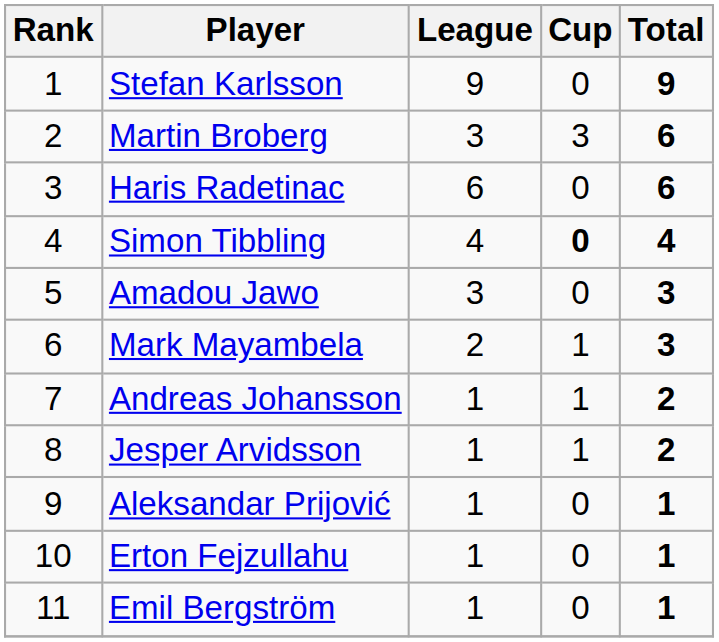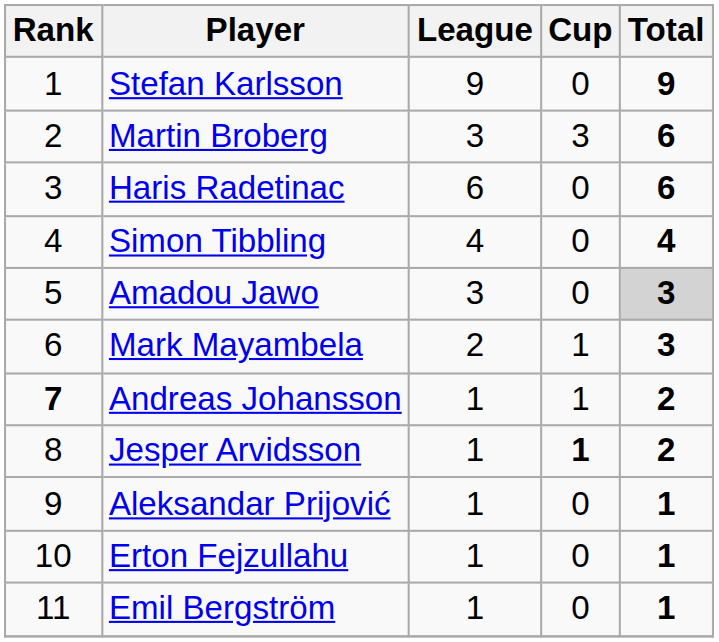 <table class="wikitable">
 <tr>
 <th>Rank</th>
 <th>Player</th>
 <th>League</th>
 <th>Cup</th>
 <th>Total</th>
 </tr>
 <tr>
 <td align=center>1</td>
 <td> <a href='#'>Stefan Karlsson</a></td>
 <td align=center>9</td>
 <td align=center>0</td>
 <td align=center><strong>9</strong></td>
 </tr>
 <tr>
 <td align=center>2</td>
 <td> <a href='#'>Martin Broberg</a></td>
 <td align=center>3</td>
 <td align=center>3</td>
 <td align=center><strong>6</strong></td>
 </tr>
 <tr>
 <td align=center>3</td>
 <td> <a href='#'>Haris Radetinac</a></td>
 <td align=center>6</td>
 <td align=center>0</td>
 <td align=center><strong>6</strong></td>
 </tr>
 <tr>
 <td align=center>4</td>
 <td> <a href='#'>Simon Tibbling</a></td>
 <td align=center>4</td>
-<td align=center><strong>0</strong></td>
+<td align=center>0</td>
 <td align=center><strong>4</strong></td>
 </tr>
 <tr>
 <td align=center>5</td>
 <td> <a href='#'>Amadou Jawo</a></td>
 <td align=center>3</td>
 <td align=center>0</td>
-<td align=center><strong>3</strong></td>
+<td align=center style="background: lightgrey;"><strong>3</strong></td>
 </tr>
 <tr>
 <td align=center>6</td>
 <td> <a href='#'>Mark Mayambela</a></td>
 <td align=center>2</td>
 <td align=center>1</td>
 <td align=center><strong>3</strong></td>
 </tr>
 <tr>
-<td align=center>7</td>
+<td align=center><strong>7</strong></td>
 <td> <a href='#'>Andreas Johansson</a></td>
 <td align=center>1</td>
 <td align=center>1</td>
 <td align=center><strong>2</strong></td>
 </tr>
 <tr>
 <td align=center>8</td>
 <td> <a href='#'>Jesper Arvidsson</a></td>
 <td align=center>1</td>
-<td align=center>1</td>
+<td align=center><strong>1</strong></td>
 <td align=center><strong>2</strong></td>
 </tr>
 <tr>
 <td align=center>9</td>
 <td> <a href='#'>Aleksandar Prijović</a></td>
 <td align=center>1</td>
 <td align=center>0</td>
 <td align=center><strong>1</strong></td>
 </tr>
 <tr>
 <td align=center>10</td>
 <td> <a href='#'>Erton Fejzullahu</a></td>
 <td align=center>1</td>
 <td align=center>0</td>
 <td align=center><strong>1</strong></td>
 </tr>
 <tr>
 <td align=center>11</td>
 <td> <a href='#'>Emil Bergström</a></td>
 <td align=center>1</td>
 <td align=center>0</td>
 <td align=center><strong>1</strong></td>
 </tr>
 <tr>
 </tr>
 </table>
